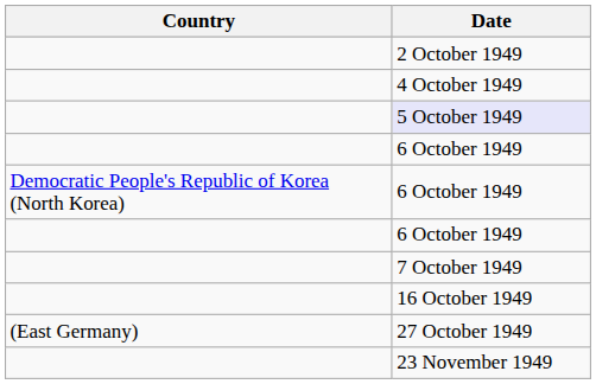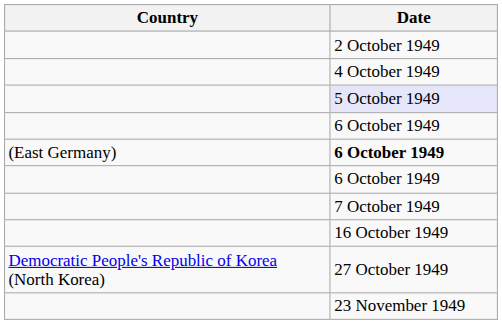 <table class="wikitable" border=1 style="border-collapse: collapse;">
 <tr bgcolor="#cccccc">
 <th width=300>Country</th>
 <th width=150>Date</th>
 </tr>
 <tr>
 <td></td>
 <td>2 October 1949</td>
 </tr>
 <tr>
 <td></td>
 <td>4 October 1949</td>
 </tr>
 <tr>
 <td></td>
 <td style="background: lavender;">5 October 1949</td>
 </tr>
 <tr>
 <td></td>
 <td>6 October 1949</td>
 </tr>
 <tr>
-<td> <a href='#'>Democratic People's Republic of Korea</a> (North Korea)</td>
-<td>6 October 1949</td>
+<td> (East Germany)</td>
+<td><strong>6 October 1949</strong></td>
 </tr>
 <tr>
 <td></td>
 <td>6 October 1949</td>
 </tr>
 <tr>
 <td></td>
 <td>7 October 1949</td>
 </tr>
 <tr>
 <td></td>
 <td>16 October 1949</td>
 </tr>
 <tr>
-<td> (East Germany)</td>
+<td> <a href='#'>Democratic People's Republic of Korea</a> (North Korea)</td>
 <td>27 October 1949</td>
 </tr>
 <tr>
 <td></td>
 <td>23 November 1949</td>
 </tr>
 </table>
